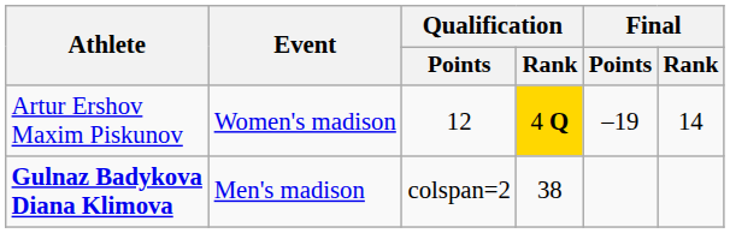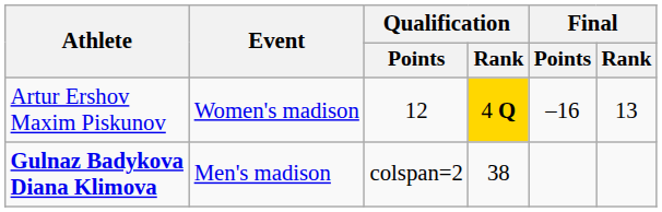 <table class="wikitable" style="font-size:90%">
 <tr>
 <th rowspan="2">Athlete</th>
 <th rowspan="2">Event</th>
 <th colspan=2>Qualification</th>
 <th colspan=2>Final</th>
 </tr>
 <tr style="font-size:95%">
 <th>Points</th>
 <th>Rank</th>
 <th>Points</th>
 <th>Rank</th>
 </tr>
 <tr align=center>
 <td align=left><a href='#'>Artur Ershov</a><br><a href='#'>Maxim Piskunov</a></td>
 <td align=left><a href='#'>Women's madison</a></td>
 <td>12</td>
 <td style="background: gold;">4 <strong>Q</strong></td>
-<td>–19</td>
-<td>14</td>
+<td>–16</td>
+<td>13</td>
 </tr>
 <tr align=center>
 <td align=left><strong><a href='#'>Gulnaz Badykova</a><br><a href='#'>Diana Klimova</a></strong></td>
 <td align=left><a href='#'>Men's madison</a></td>
 <td>colspan=2 </td>
 <td>38</td>
 <td></td>
 </tr>
 </table>
